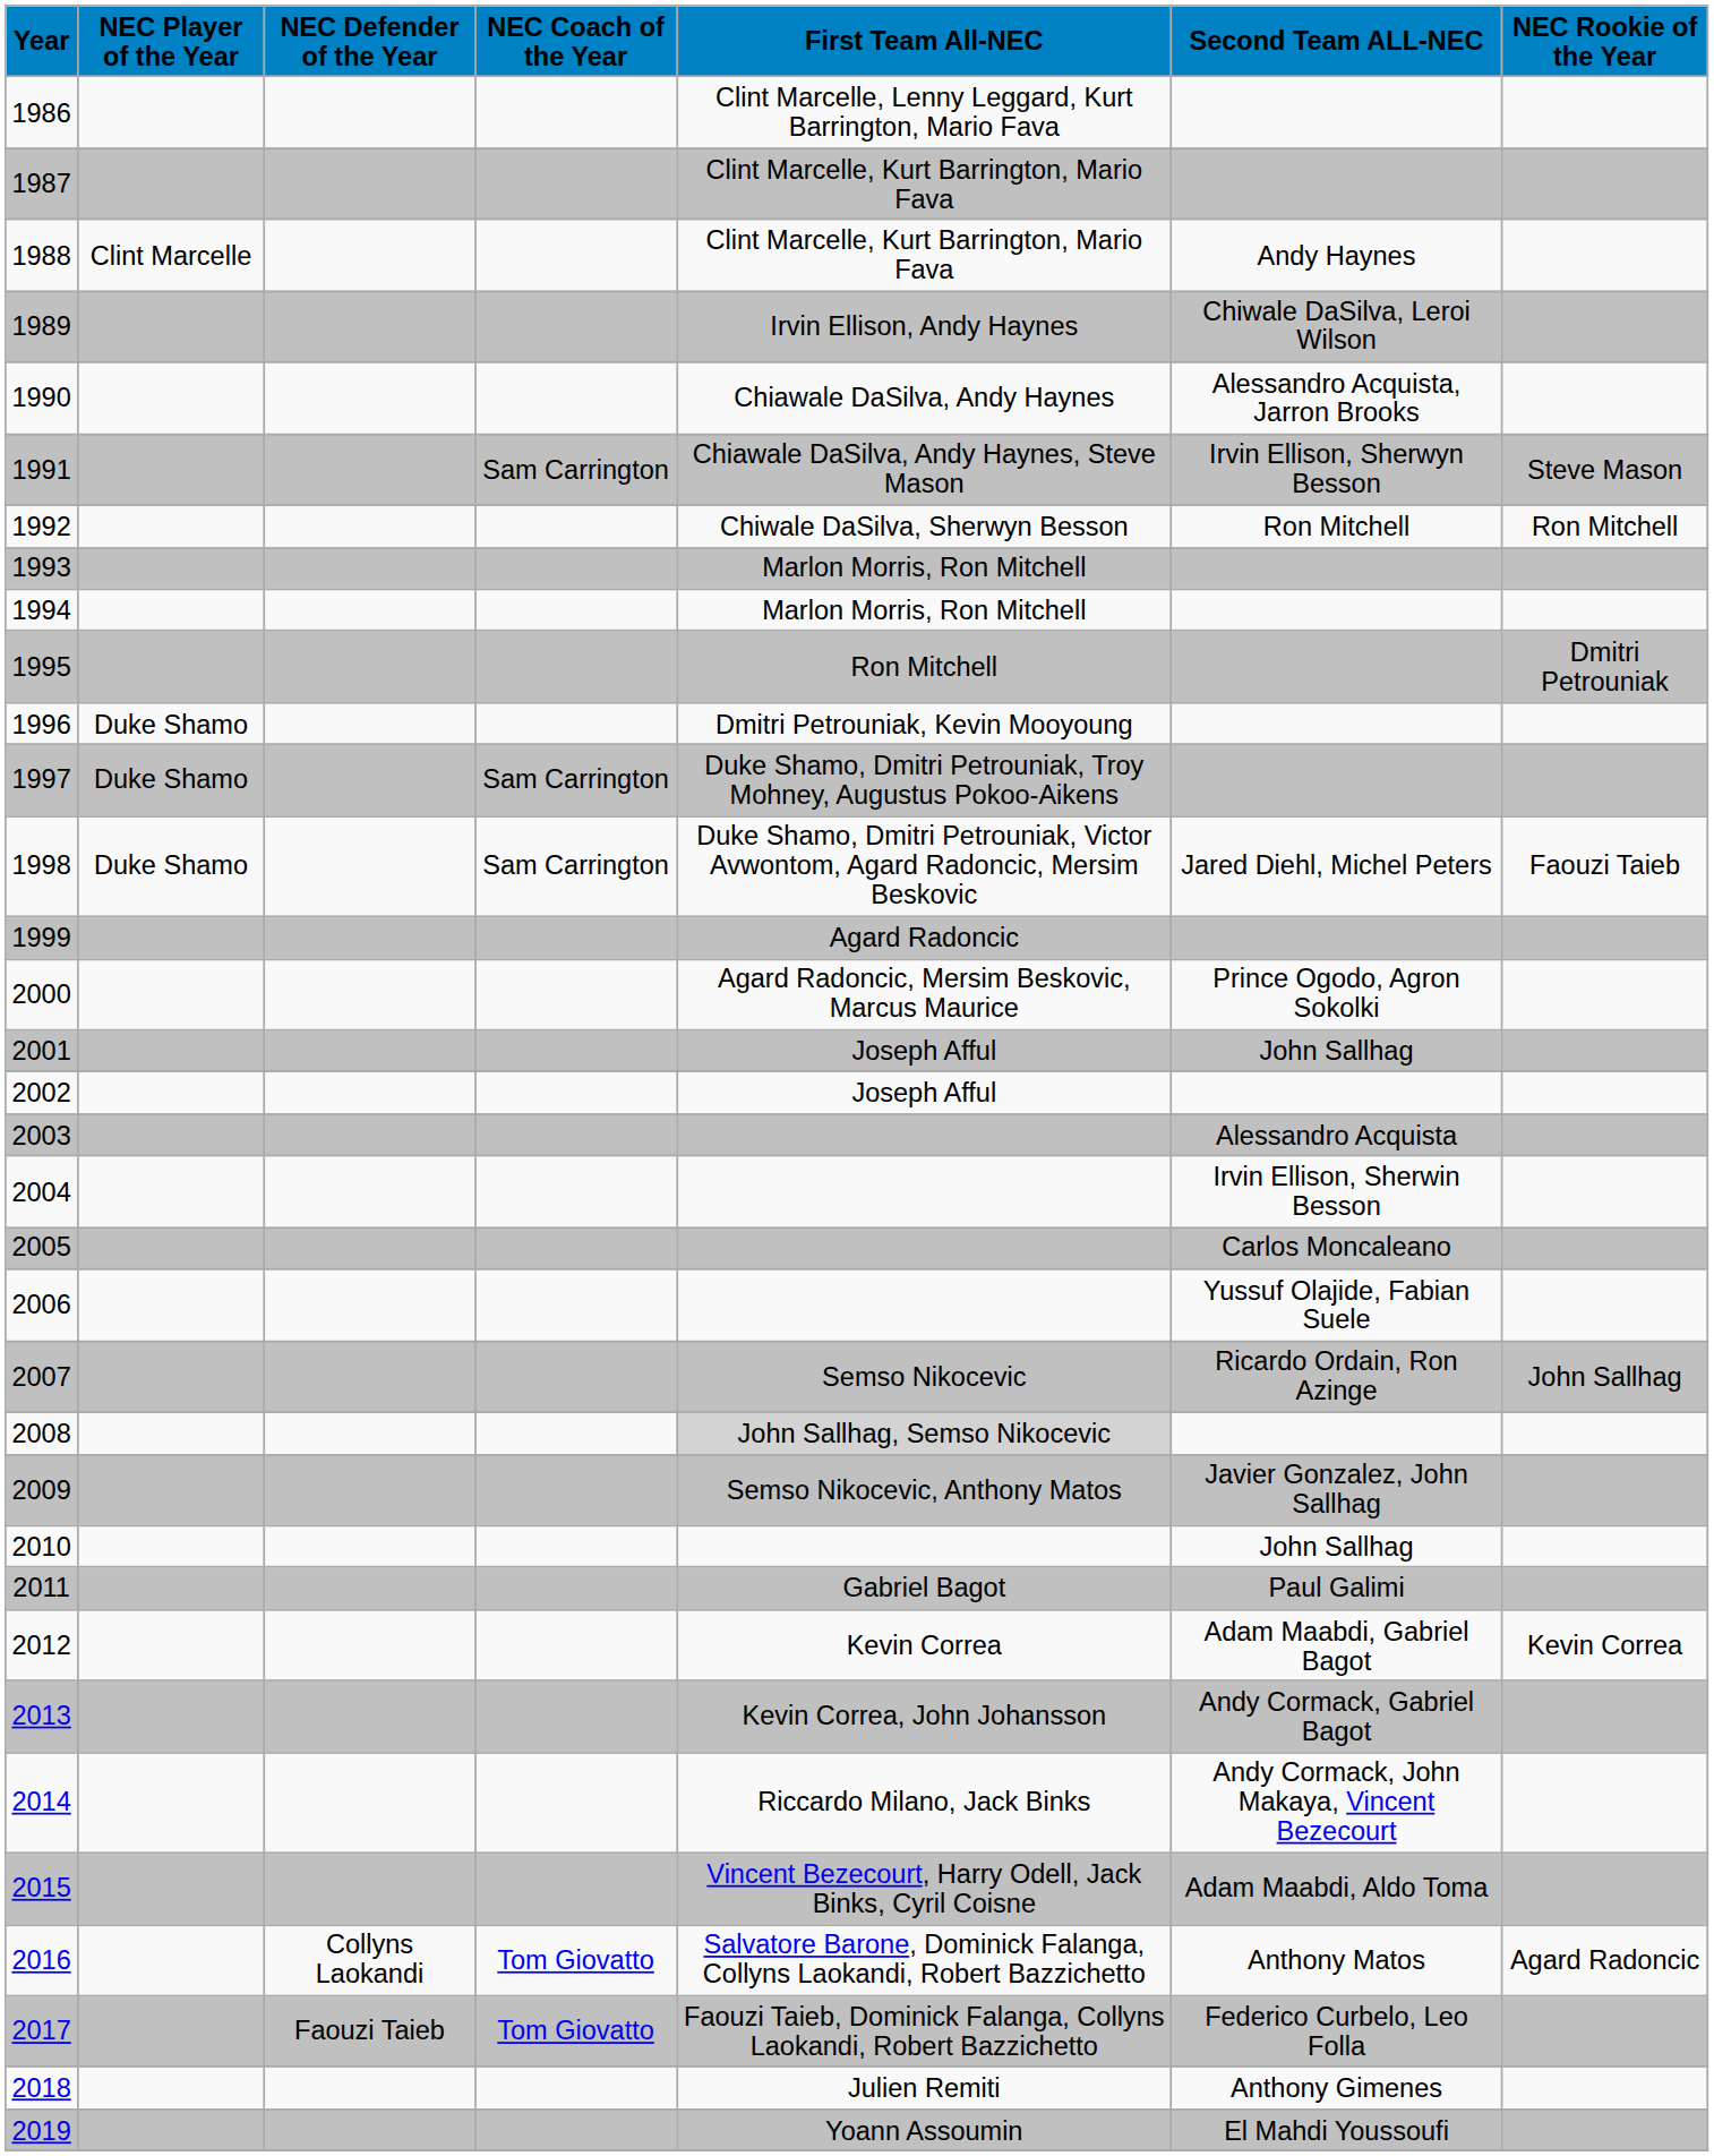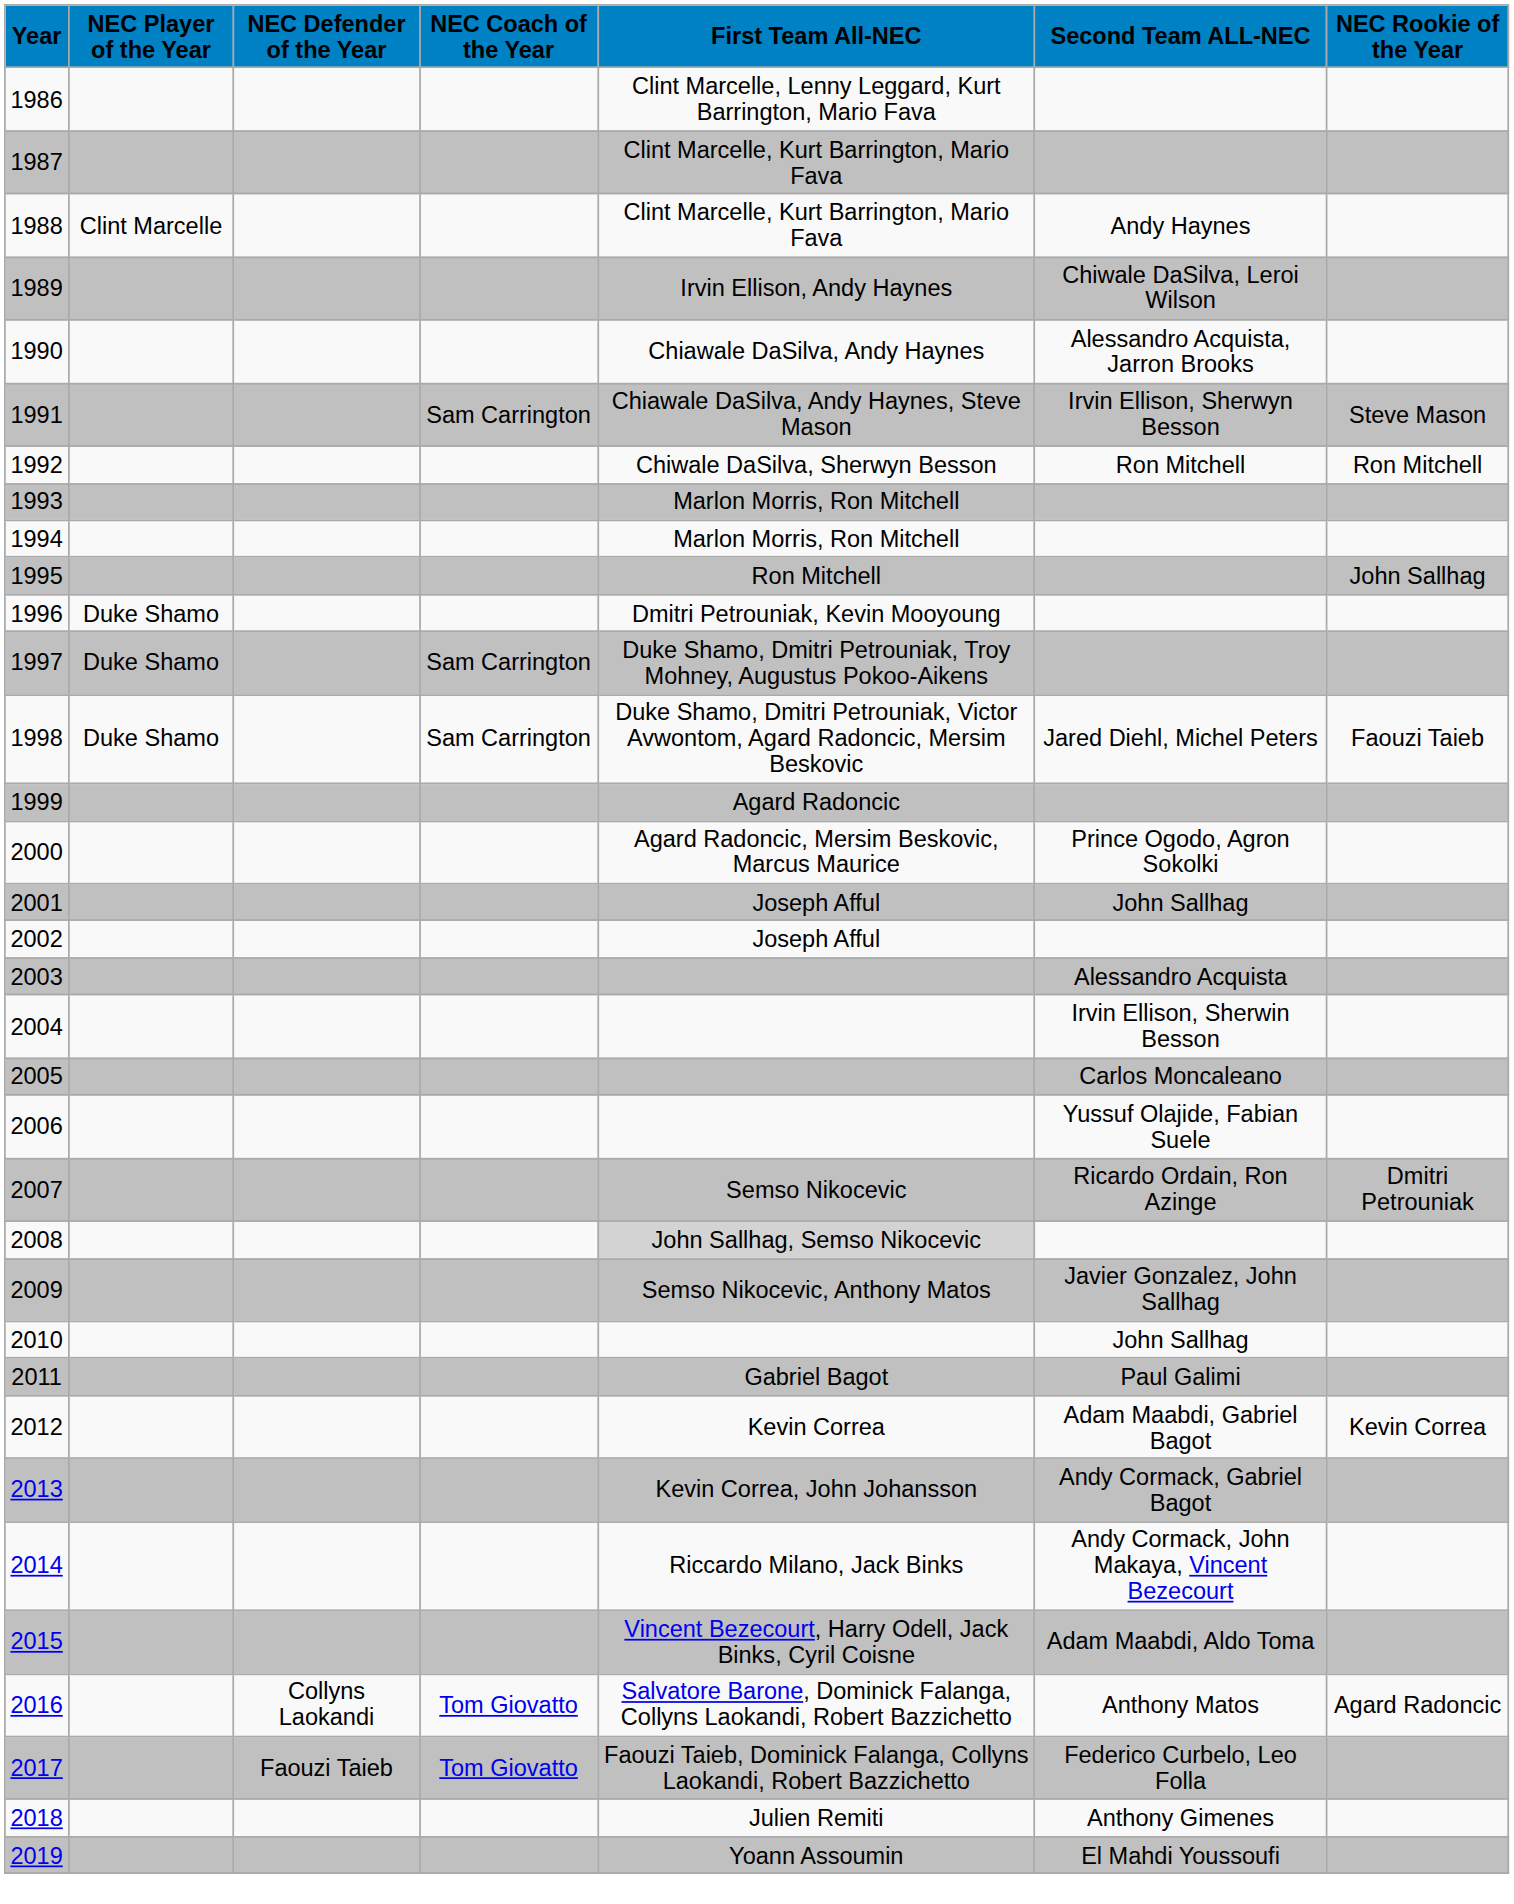 <table class="wikitable collapsible autocollapse" style="font-size:85%; text-align: center;">
 <tr>
 <th align="center" style="background:#0081C4;"><span>Year</span></th>
 <th align="center" style="background:#0081C4;"><span>NEC Player of the Year</span></th>
 <th align="center" style="background:#0081C4;"><span>NEC Defender of the Year</span></th>
 <th align="center" style="background:#0081C4;"><span>NEC Coach of the Year</span></th>
 <th align="center" style="background:#0081C4;"><span>First Team All-NEC</span></th>
 <th align="center" style="background:#0081C4;"><span>Second Team ALL-NEC</span></th>
 <th align="center" style="background:#0081C4;"><span>NEC Rookie of the Year</span></th>
 </tr>
 <tr>
 <td>1986</td>
 <td></td>
 <td></td>
 <td></td>
 <td>Clint Marcelle, Lenny Leggard, Kurt Barrington, Mario Fava</td>
 <td></td>
 <td></td>
 </tr>
 <tr>
 <td style=background:silver>1987</td>
 <td style=background:silver></td>
 <td style=background:silver></td>
 <td style=background:silver></td>
 <td style=background:silver>Clint Marcelle, Kurt Barrington, Mario Fava</td>
 <td style=background:silver></td>
 <td style=background:silver></td>
 </tr>
 <tr>
 <td>1988</td>
 <td>Clint Marcelle</td>
 <td></td>
 <td></td>
 <td>Clint Marcelle, Kurt Barrington, Mario Fava</td>
 <td>Andy Haynes</td>
 <td></td>
 </tr>
 <tr>
 <td style=background:silver>1989</td>
 <td style=background:silver></td>
 <td style=background:silver></td>
 <td style=background:silver></td>
 <td style=background:silver>Irvin Ellison, Andy Haynes</td>
 <td style=background:silver>Chiwale DaSilva, Leroi Wilson</td>
 <td style=background:silver></td>
 </tr>
 <tr>
 <td>1990</td>
 <td></td>
 <td></td>
 <td></td>
 <td>Chiawale DaSilva, Andy Haynes</td>
 <td>Alessandro Acquista, Jarron Brooks</td>
 <td></td>
 </tr>
 <tr>
 <td style=background:silver>1991</td>
 <td style=background:silver></td>
 <td style=background:silver></td>
 <td style=background:silver>Sam Carrington</td>
 <td style=background:silver>Chiawale DaSilva, Andy Haynes, Steve Mason</td>
 <td style=background:silver>Irvin Ellison, Sherwyn Besson</td>
 <td style=background:silver>Steve Mason</td>
 </tr>
 <tr>
 <td>1992</td>
 <td></td>
 <td></td>
 <td></td>
 <td>Chiwale DaSilva, Sherwyn Besson</td>
 <td>Ron Mitchell</td>
 <td>Ron Mitchell</td>
 </tr>
 <tr>
 <td style=background:silver>1993</td>
 <td style=background:silver></td>
 <td style=background:silver></td>
 <td style=background:silver></td>
 <td style=background:silver>Marlon Morris, Ron Mitchell</td>
 <td style=background:silver></td>
 <td style=background:silver></td>
 </tr>
 <tr>
 <td>1994</td>
 <td></td>
 <td></td>
 <td></td>
 <td>Marlon Morris, Ron Mitchell</td>
 <td></td>
 <td></td>
 </tr>
 <tr>
 <td style=background:silver>1995</td>
 <td style=background:silver></td>
 <td style=background:silver></td>
 <td style=background:silver></td>
 <td style=background:silver>Ron Mitchell</td>
 <td style=background:silver></td>
-<td style=background:silver>Dmitri Petrouniak</td>
+<td style=background:silver>John Sallhag</td>
 </tr>
 <tr>
 <td>1996</td>
 <td>Duke Shamo</td>
 <td></td>
 <td></td>
 <td>Dmitri Petrouniak, Kevin Mooyoung</td>
 <td></td>
 <td></td>
 </tr>
 <tr>
 <td style=background:silver>1997</td>
 <td style=background:silver>Duke Shamo</td>
 <td style=background:silver></td>
 <td style=background:silver>Sam Carrington</td>
 <td style=background:silver>Duke Shamo, Dmitri Petrouniak, Troy Mohney, Augustus Pokoo-Aikens</td>
 <td style=background:silver></td>
 <td style=background:silver></td>
 </tr>
 <tr>
 <td>1998</td>
 <td>Duke Shamo</td>
 <td></td>
 <td>Sam Carrington</td>
 <td>Duke Shamo, Dmitri Petrouniak, Victor Avwontom, Agard Radoncic, Mersim Beskovic</td>
 <td>Jared Diehl, Michel Peters</td>
 <td>Faouzi Taieb</td>
 </tr>
 <tr>
 <td style=background:silver>1999</td>
 <td style=background:silver></td>
 <td style=background:silver></td>
 <td style=background:silver></td>
 <td style=background:silver>Agard Radoncic</td>
 <td style=background:silver></td>
 <td style=background:silver></td>
 </tr>
 <tr>
 <td>2000</td>
 <td></td>
 <td></td>
 <td></td>
 <td>Agard Radoncic, Mersim Beskovic, Marcus Maurice</td>
 <td>Prince Ogodo, Agron Sokolki</td>
 <td></td>
 </tr>
 <tr>
 <td style=background:silver>2001</td>
 <td style=background:silver></td>
 <td style=background:silver></td>
 <td style=background:silver></td>
 <td style=background:silver>Joseph Afful</td>
 <td style=background:silver>John Sallhag</td>
 <td style=background:silver></td>
 </tr>
 <tr>
 <td>2002</td>
 <td></td>
 <td></td>
 <td></td>
 <td>Joseph Afful</td>
 <td></td>
 <td></td>
 </tr>
 <tr>
 <td style=background:silver>2003</td>
 <td style=background:silver></td>
 <td style=background:silver></td>
 <td style=background:silver></td>
 <td style=background:silver></td>
 <td style=background:silver>Alessandro Acquista</td>
 <td style=background:silver></td>
 </tr>
 <tr>
 <td>2004</td>
 <td></td>
 <td></td>
 <td></td>
 <td></td>
 <td>Irvin Ellison, Sherwin Besson</td>
 <td></td>
 </tr>
 <tr>
 <td style=background:silver>2005</td>
 <td style=background:silver></td>
 <td style=background:silver></td>
 <td style=background:silver></td>
 <td style=background:silver></td>
 <td style=background:silver>Carlos Moncaleano</td>
 <td style=background:silver></td>
 </tr>
 <tr>
 <td>2006</td>
 <td></td>
 <td></td>
 <td></td>
 <td></td>
 <td>Yussuf Olajide, Fabian Suele</td>
 <td></td>
 </tr>
 <tr>
 <td style=background:silver>2007</td>
 <td style=background:silver></td>
 <td style=background:silver></td>
 <td style=background:silver></td>
 <td style=background:silver>Semso Nikocevic</td>
 <td style=background:silver>Ricardo Ordain, Ron Azinge</td>
-<td style=background:silver>John Sallhag</td>
+<td style=background:silver>Dmitri Petrouniak</td>
 </tr>
 <tr>
 <td>2008</td>
 <td></td>
 <td></td>
 <td></td>
 <td style="background: lightgrey;">John Sallhag, Semso Nikocevic</td>
 <td></td>
 <td></td>
 </tr>
 <tr>
 <td style=background:silver>2009</td>
 <td style=background:silver></td>
 <td style=background:silver></td>
 <td style=background:silver></td>
 <td style=background:silver>Semso Nikocevic, Anthony Matos</td>
 <td style=background:silver>Javier Gonzalez, John Sallhag</td>
 <td style=background:silver></td>
 </tr>
 <tr>
 <td>2010</td>
 <td></td>
 <td></td>
 <td></td>
 <td></td>
 <td>John Sallhag</td>
 <td></td>
 </tr>
 <tr>
 <td style=background:silver>2011</td>
 <td style=background:silver></td>
 <td style=background:silver></td>
 <td style=background:silver></td>
 <td style=background:silver>Gabriel Bagot</td>
 <td style=background:silver>Paul Galimi</td>
 <td style=background:silver></td>
 </tr>
 <tr>
 <td>2012</td>
 <td></td>
 <td></td>
 <td></td>
 <td>Kevin Correa</td>
 <td>Adam Maabdi, Gabriel Bagot</td>
 <td>Kevin Correa</td>
 </tr>
 <tr>
 <td style=background:silver><a href='#'>2013</a></td>
 <td style=background:silver></td>
 <td style=background:silver></td>
 <td style=background:silver></td>
 <td style=background:silver>Kevin Correa, John Johansson</td>
 <td style=background:silver>Andy Cormack, Gabriel Bagot</td>
 <td style=background:silver></td>
 </tr>
 <tr>
 <td><a href='#'>2014</a></td>
 <td></td>
 <td></td>
 <td></td>
 <td>Riccardo Milano, Jack Binks</td>
 <td>Andy Cormack, John Makaya, <a href='#'>Vincent Bezecourt</a></td>
 <td></td>
 </tr>
 <tr>
 <td style=background:silver><a href='#'>2015</a></td>
 <td style=background:silver></td>
 <td style=background:silver></td>
 <td style=background:silver></td>
 <td style=background:silver><a href='#'>Vincent Bezecourt</a>, Harry Odell, Jack Binks, Cyril Coisne</td>
 <td style=background:silver>Adam Maabdi, Aldo Toma</td>
 <td style=background:silver></td>
 </tr>
 <tr>
 <td><a href='#'>2016</a></td>
 <td></td>
 <td>Collyns Laokandi</td>
 <td><a href='#'>Tom Giovatto</a></td>
 <td><a href='#'>Salvatore Barone</a>, Dominick Falanga, Collyns Laokandi, Robert Bazzichetto</td>
 <td>Anthony Matos</td>
 <td>Agard Radoncic</td>
 </tr>
 <tr>
 <td style=background:silver><a href='#'>2017</a></td>
 <td style=background:silver></td>
 <td style=background:silver>Faouzi Taieb</td>
 <td style=background:silver><a href='#'>Tom Giovatto</a></td>
 <td style=background:silver>Faouzi Taieb, Dominick Falanga, Collyns Laokandi, Robert Bazzichetto</td>
 <td style=background:silver>Federico Curbelo, Leo Folla</td>
 <td style=background:silver></td>
 </tr>
 <tr>
 <td><a href='#'>2018</a></td>
 <td></td>
 <td></td>
 <td></td>
 <td>Julien Remiti</td>
 <td>Anthony Gimenes</td>
 <td></td>
 </tr>
 <tr>
 <td style=background:silver><a href='#'>2019</a></td>
 <td style=background:silver></td>
 <td style=background:silver></td>
 <td style=background:silver></td>
 <td style=background:silver>Yoann Assoumin</td>
 <td style=background:silver>El Mahdi Youssoufi</td>
 <td style=background:silver></td>
 </tr>
 <tr>
 </tr>
 </table>
